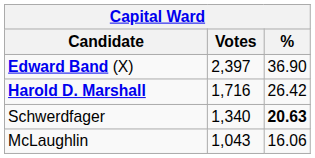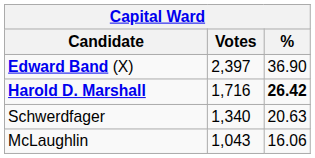 <table class="wikitable">
 <tr>
 <th colspan="3"><a href='#'>Capital Ward</a></th>
 </tr>
 <tr>
 <th style="width: 200px">Candidate</th>
 <th style="width: 50px">Votes</th>
 <th style="width: 40px">%</th>
 </tr>
 <tr>
 <td><strong><a href='#'>Edward Band</a></strong> (X)</td>
 <td>2,397</td>
 <td>36.90</td>
 </tr>
 <tr>
 <td><strong><a href='#'>Harold D. Marshall</a></strong></td>
 <td>1,716</td>
-<td>26.42</td>
+<td><strong>26.42</strong></td>
 </tr>
 <tr>
 <td>Schwerdfager</td>
 <td>1,340</td>
-<td><strong>20.63</strong></td>
+<td>20.63</td>
 </tr>
 <tr>
 <td>McLaughlin</td>
 <td>1,043</td>
 <td>16.06</td>
 </tr>
 </table>
